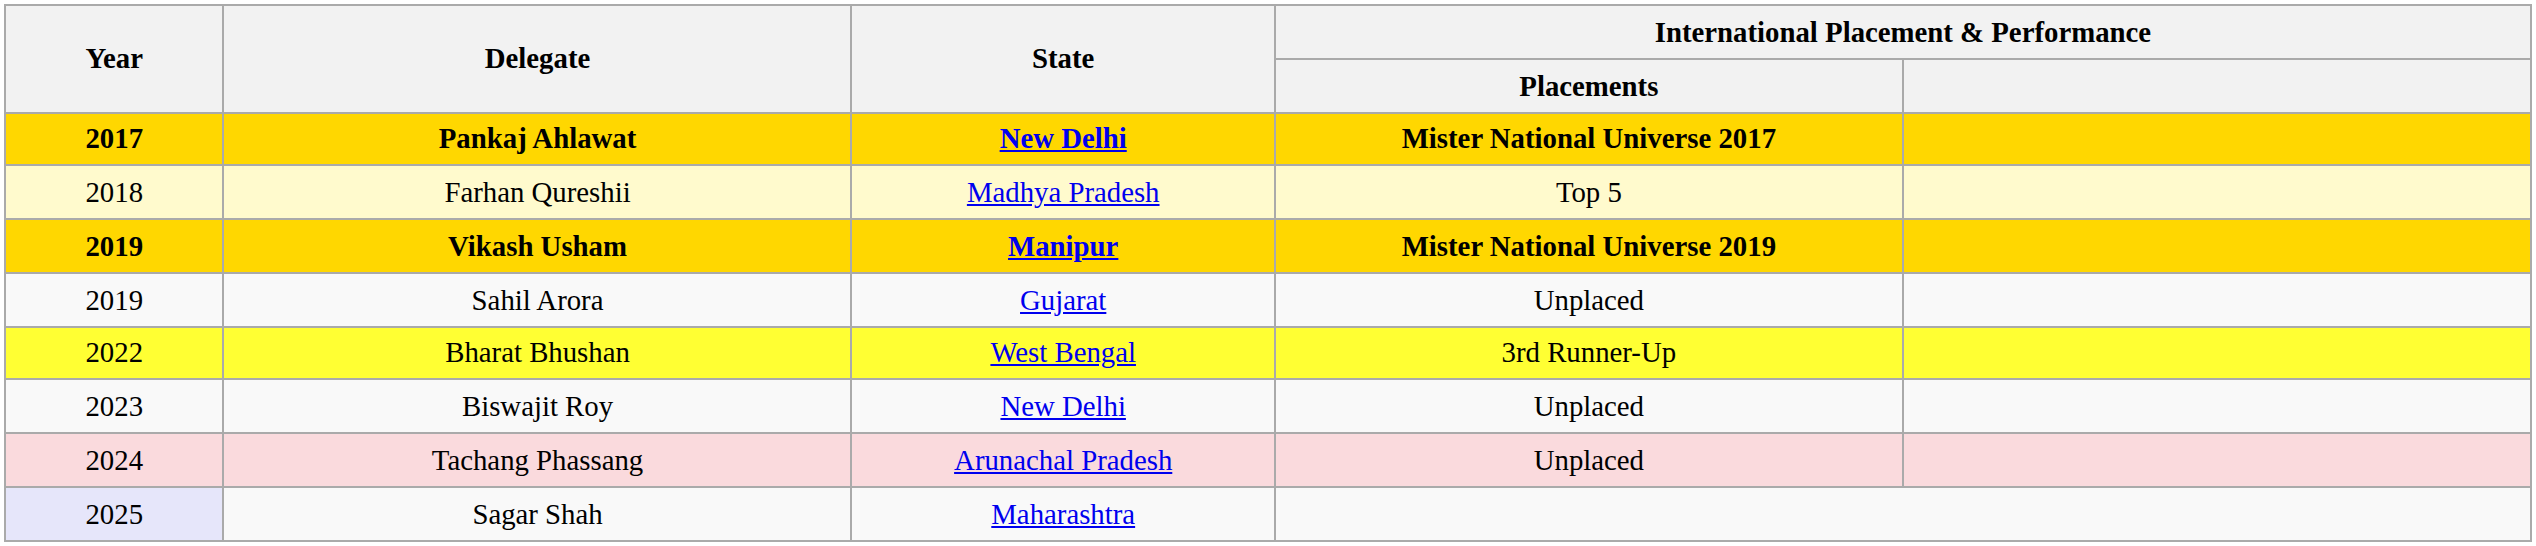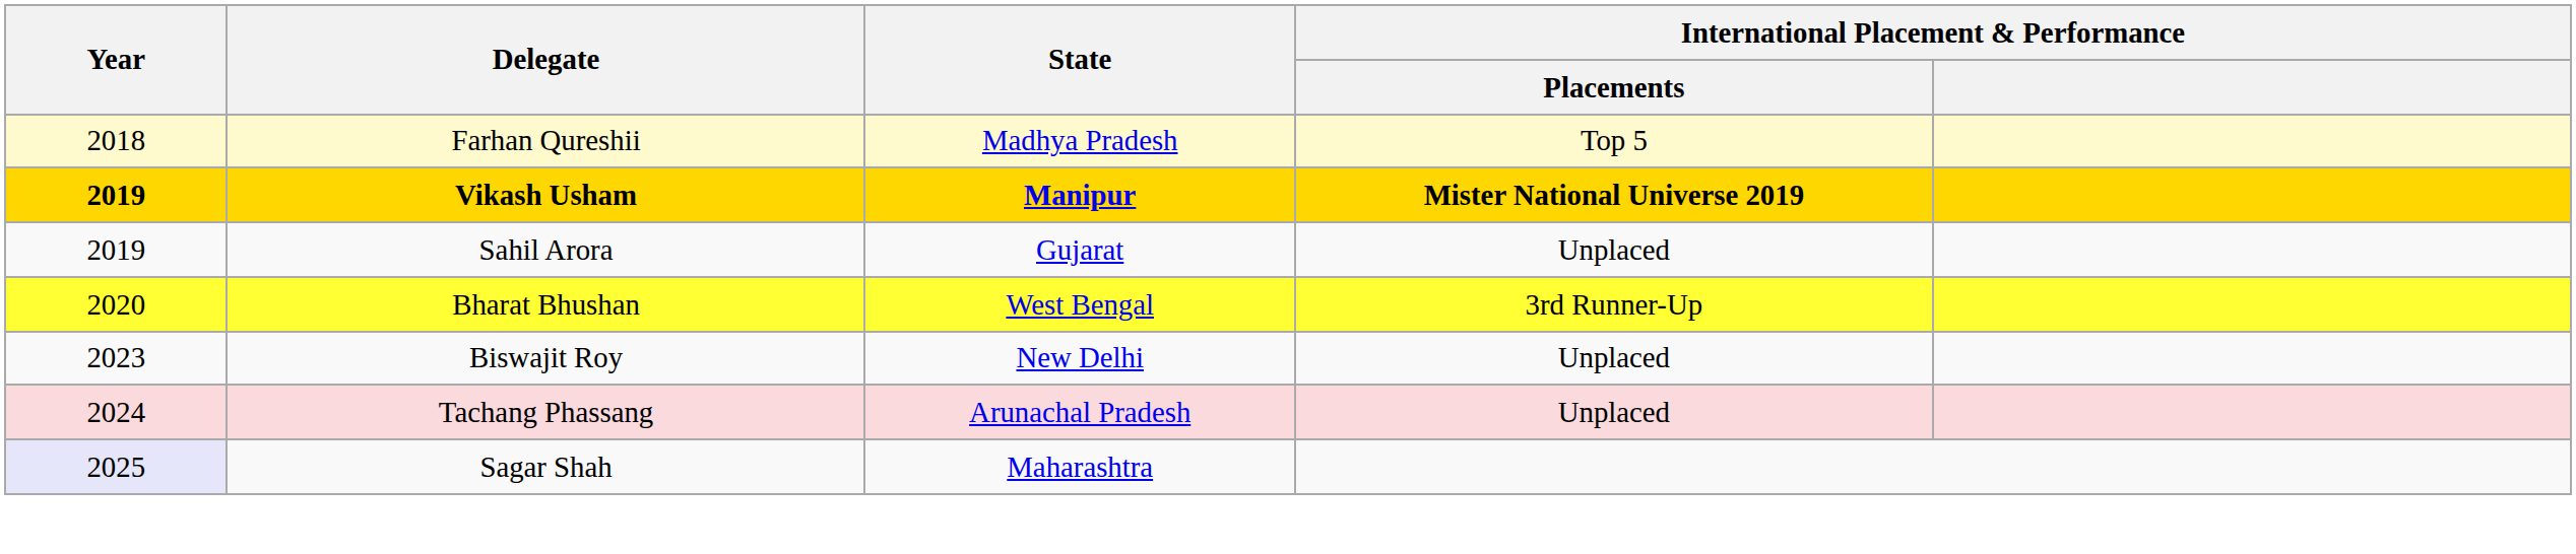 <table class="wikitable" style="text-align:center; line-height:20px; font-size:90%; width:100%;">
 <tr>
 <th rowspan="2"  width=100px>Year</th>
 <th rowspan="2"  width=300px>Delegate</th>
 <th rowspan="2"  width=200px>State</th>
 <th colspan="2"  width=100px>International Placement & Performance</th>
 </tr>
 <tr>
 <th width=300px>Placements</th>
 <th width=300px></th>
-</tr>
-<tr style="background-color:gold; font-weight: bold">
-<td>2017</td>
-<td>Pankaj Ahlawat</td>
-<td><a href='#'>New Delhi</a></td>
-<td>Mister National Universe 2017</td>
-<td style="background:;"></td>
 </tr>
 <tr style="background-color:#FFFACD;">
 <td>2018</td>
 <td>Farhan Qureshii</td>
 <td><a href='#'>Madhya Pradesh</a></td>
 <td>Top 5</td>
 <td></td>
 </tr>
 <tr style="background-color:gold; font-weight: bold">
 <td>2019</td>
 <td>Vikash Usham</td>
 <td><a href='#'>Manipur</a></td>
 <td>Mister National Universe 2019</td>
 <td></td>
 </tr>
 <tr>
 <td>2019</td>
 <td>Sahil Arora</td>
 <td><a href='#'>Gujarat</a></td>
 <td>Unplaced</td>
 <td></td>
 </tr>
 <tr style="background-color:#FFFF33;">
-<td>2022</td>
+<td>2020</td>
 <td>Bharat Bhushan</td>
 <td><a href='#'>West Bengal</a></td>
 <td>3rd Runner-Up</td>
 <td style="background:;"></td>
 </tr>
 <tr>
 <td>2023</td>
 <td>Biswajit Roy</td>
 <td><a href='#'>New Delhi</a></td>
 <td>Unplaced</td>
 <td></td>
 </tr>
 <tr style="background:#FADADD;">
 <td>2024</td>
 <td>Tachang Phassang</td>
 <td><a href='#'>Arunachal Pradesh</a></td>
 <td>Unplaced</td>
 <td style="background:;"></td>
 </tr>
 <tr>
 <td style="background: lavender;">2025</td>
 <td>Sagar Shah</td>
 <td><a href='#'>Maharashtra</a></td>
 <td colspan=2></td>
 </tr>
 </table>
